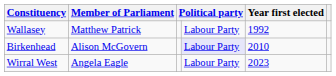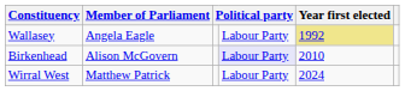 <table class="wikitable sortable">
 <tr>
 <th><a href='#'>Constituency</a></th>
 <th><a href='#'>Member of Parliament</a></th>
 <th colspan="2" style="vertical-align:top;"><a href='#'>Political party</a></th>
 <th>Year first elected</th>
 <th></th>
 </tr>
 <tr>
 <td><a href='#'>Wallasey</a></td>
-<td><a href='#'>Matthew Patrick</a></td>
+<td><a href='#'>Angela Eagle</a></td>
 <td style="color:inherit;background:"></td>
 <td><a href='#'>Labour Party</a></td>
-<td><a href='#'>1992</a></td>
+<td style="background: khaki;"><a href='#'>1992</a></td>
 <td></td>
 </tr>
 <tr>
 <td><a href='#'>Birkenhead</a></td>
 <td><a href='#'>Alison McGovern</a></td>
 <td style="color:inherit;background:"></td>
 <td style="background: lavender;"><a href='#'>Labour Party</a></td>
 <td><a href='#'>2010</a></td>
 <td></td>
 </tr>
 <tr>
 <td><a href='#'>Wirral West</a></td>
-<td><a href='#'>Angela Eagle</a></td>
+<td><a href='#'>Matthew Patrick</a></td>
 <td style="color:inherit;background:"></td>
 <td><a href='#'>Labour Party</a></td>
-<td><a href='#'>2023</a></td>
+<td><a href='#'>2024</a></td>
 <td></td>
 </tr>
 </table>
